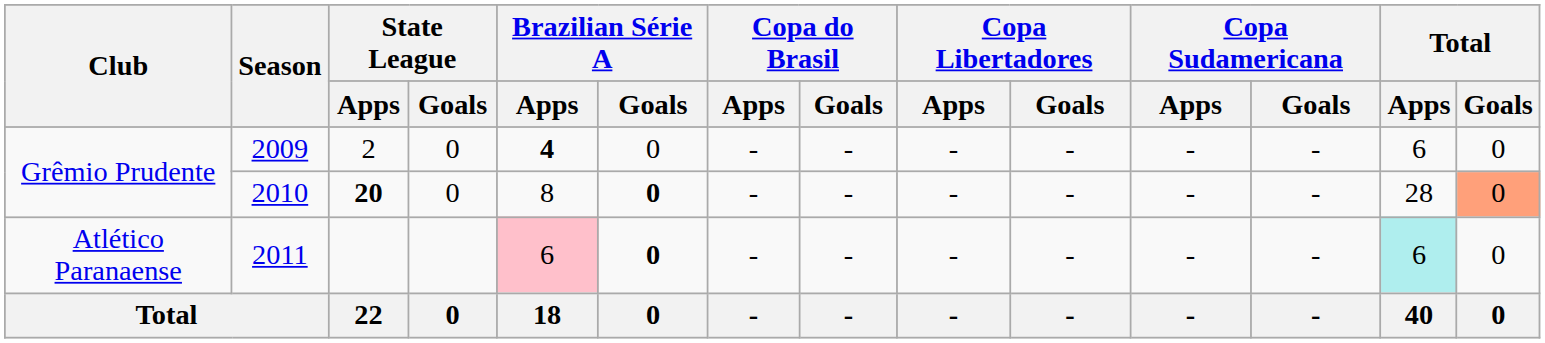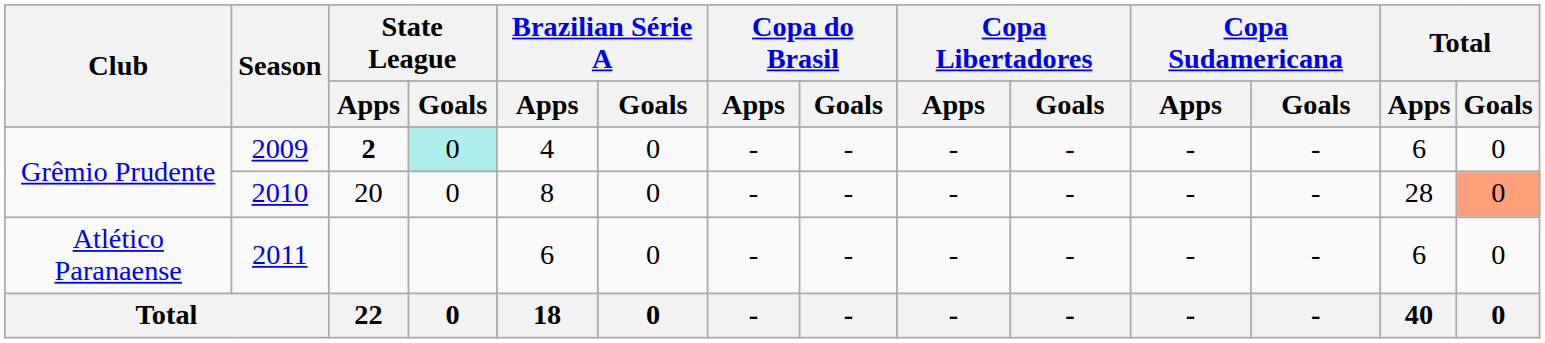 <table class="wikitable" style="text-align: center;">
 <tr>
 <th rowspan="2">Club</th>
 <th rowspan="2">Season</th>
 <th colspan="2">State League</th>
 <th colspan="2"><a href='#'>Brazilian Série A</a></th>
 <th colspan="2"><a href='#'>Copa do Brasil</a></th>
 <th colspan="2"><a href='#'>Copa Libertadores</a></th>
 <th colspan="2"><a href='#'>Copa Sudamericana</a></th>
 <th colspan="2">Total</th>
 </tr>
 <tr>
 <th>Apps</th>
 <th>Goals</th>
 <th>Apps</th>
 <th>Goals</th>
 <th>Apps</th>
 <th>Goals</th>
 <th>Apps</th>
 <th>Goals</th>
 <th>Apps</th>
 <th>Goals</th>
 <th>Apps</th>
 <th>Goals</th>
 </tr>
 <tr>
 <td rowspan="2" valign="center"><a href='#'>Grêmio Prudente</a></td>
 <td><a href='#'>2009</a></td>
-<td>2</td>
-<td>0</td>
-<td><strong>4</strong></td>
+<td><strong>2</strong></td>
+<td style="background: paleturquoise;">0</td>
+<td>4</td>
 <td>0</td>
 <td>-</td>
 <td>-</td>
 <td>-</td>
 <td>-</td>
 <td>-</td>
 <td>-</td>
 <td>6</td>
 <td>0</td>
 </tr>
 <tr>
 <td><a href='#'>2010</a></td>
-<td><strong>20</strong></td>
+<td>20</td>
 <td>0</td>
 <td>8</td>
-<td><strong>0</strong></td>
+<td>0</td>
 <td>-</td>
 <td>-</td>
 <td>-</td>
 <td>-</td>
 <td>-</td>
 <td>-</td>
 <td>28</td>
 <td style="background: lightsalmon;">0</td>
 </tr>
 <tr>
 <td><a href='#'>Atlético Paranaense</a></td>
 <td><a href='#'>2011</a></td>
 <td></td>
 <td></td>
-<td style="background: pink;">6</td>
-<td><strong>0</strong></td>
+<td>6</td>
+<td>0</td>
 <td>-</td>
 <td>-</td>
 <td>-</td>
 <td>-</td>
 <td>-</td>
 <td>-</td>
-<td style="background: paleturquoise;">6</td>
+<td>6</td>
 <td>0</td>
 </tr>
 <tr>
 <th colspan="2"><strong>Total</strong></th>
 <th>22</th>
 <th>0</th>
 <th>18</th>
 <th>0</th>
 <th>-</th>
 <th>-</th>
 <th>-</th>
 <th>-</th>
 <th>-</th>
 <th>-</th>
 <th>40</th>
 <th>0</th>
 </tr>
 </table>
